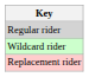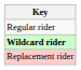 <table class="wikitable" style="font-size: 85%;">
 <tr>
 <th colspan=3>Key</th>
 </tr>
 <tr>
-<td style="background: lightgrey;">Regular rider</td>
+<td>Regular rider</td>
 </tr>
 <tr style="background:#ccffcc;">
-<td>Wildcard rider</td>
+<td><strong>Wildcard rider</strong></td>
 </tr>
 <tr style="background:#ffcccc;">
 <td>Replacement rider</td>
 </tr>
 </table>
